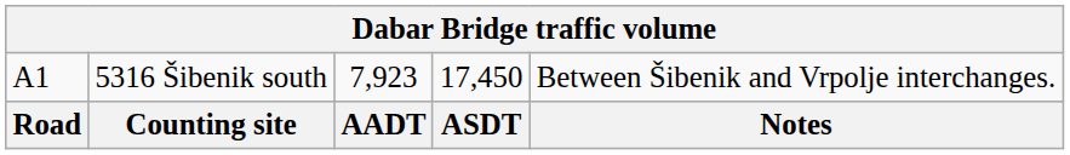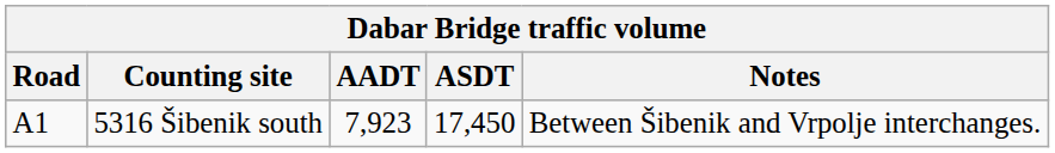 <table class="wikitable">
 <tr>
 <td colspan=5 style="background:#f2f2f2;" align=center style=margin-top:15><strong>Dabar Bridge traffic volume</strong></td>
+</tr>
+<tr>
+<td align=center style="background:#f2f2f2;"><strong>Road</strong></td>
+<td align=center style="background:#f2f2f2;"><strong>Counting site</strong></td>
+<td align=center style="background:#f2f2f2;"><strong>AADT</strong></td>
+<td align=center style="background:#f2f2f2;"><strong>ASDT</strong></td>
+<td align=center style="background:#f2f2f2;"><strong>Notes</strong></td>
 </tr>
 <tr>
 <td> A1</td>
 <td>5316 Šibenik south</td>
 <td align=center>7,923</td>
 <td align=center>17,450</td>
 <td>Between Šibenik and Vrpolje interchanges.</td>
 </tr>
-<tr>
-<td align=center style="background:#f2f2f2;"><strong>Road</strong></td>
-<td align=center style="background:#f2f2f2;"><strong>Counting site</strong></td>
-<td align=center style="background:#f2f2f2;"><strong>AADT</strong></td>
-<td align=center style="background:#f2f2f2;"><strong>ASDT</strong></td>
-<td align=center style="background:#f2f2f2;"><strong>Notes</strong></td>
-</tr>
 </table>
